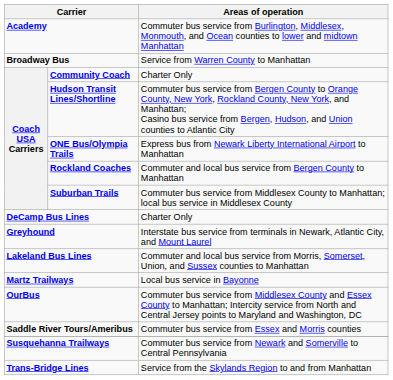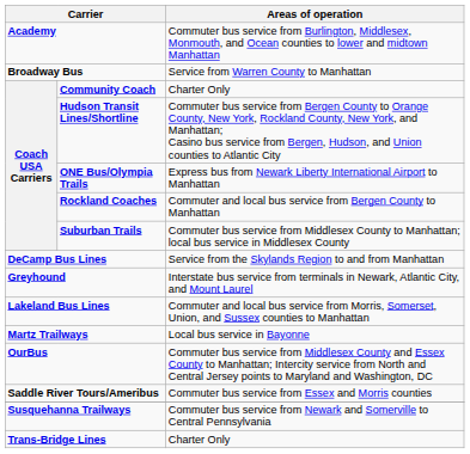 <table class="wikitable" style="font-size:90%">
 <tr valign=baseline>
 <th colspan=2>Carrier</th>
 <th>Areas of operation</th>
 </tr>
 <tr valign=top>
 <td colspan=2><strong><a href='#'>Academy</a></strong></td>
 <td>Commuter bus service from <a href='#'>Burlington</a>, <a href='#'>Middlesex</a>, <a href='#'>Monmouth</a>, and <a href='#'>Ocean</a> counties to <a href='#'>lower</a> and <a href='#'>midtown Manhattan</a></td>
 </tr>
 <tr valign=top>
 <td colspan=2><strong>Broadway Bus</strong></td>
 <td>Service from <a href='#'>Warren County</a> to Manhattan</td>
 </tr>
 <tr>
 <th rowspan=5><a href='#'>Coach USA</a><br>Carriers</th>
 <td><strong><a href='#'>Community Coach</a></strong></td>
 <td>Charter Only</td>
 </tr>
 <tr valign=top>
 <td><strong><a href='#'>Hudson Transit Lines/Shortline</a></strong></td>
 <td>Commuter bus service from <a href='#'>Bergen County</a> to <a href='#'>Orange County, New York</a>, <a href='#'>Rockland County, New York</a>, and Manhattan;<br>Casino bus service from <a href='#'>Bergen</a>, <a href='#'>Hudson</a>, and <a href='#'>Union</a> counties to Atlantic City</td>
 </tr>
 <tr valign=top>
 <td><strong><a href='#'>ONE Bus/Olympia Trails</a></strong></td>
 <td>Express bus from <a href='#'>Newark Liberty International Airport</a> to Manhattan</td>
 </tr>
 <tr valign=top>
 <td><strong><a href='#'>Rockland Coaches</a></strong></td>
 <td>Commuter and local bus service from <a href='#'>Bergen County</a> to Manhattan</td>
 </tr>
 <tr valign=top>
 <td><strong><a href='#'>Suburban Trails</a></strong></td>
 <td>Commuter bus service from Middlesex County to Manhattan; local bus service in Middlesex County</td>
 </tr>
 <tr valign=top>
 <td colspan=2><strong><a href='#'>DeCamp Bus Lines</a></strong></td>
-<td>Charter Only</td>
+<td>Service from the <a href='#'>Skylands Region</a> to and from Manhattan</td>
 </tr>
 <tr valign=top>
 <td colspan=2><strong><a href='#'>Greyhound</a></strong></td>
 <td>Interstate bus service from terminals in Newark, Atlantic City, and <a href='#'>Mount Laurel</a></td>
 </tr>
 <tr valign=top>
 <td colspan=2><strong><a href='#'>Lakeland Bus Lines</a></strong></td>
 <td>Commuter and local bus service from Morris, <a href='#'>Somerset</a>, Union, and <a href='#'>Sussex</a> counties to Manhattan</td>
 </tr>
 <tr valign=top>
 <td colspan=2><strong><a href='#'>Martz Trailways</a></strong></td>
 <td>Local bus service in <a href='#'>Bayonne</a></td>
 </tr>
 <tr valign=top>
 <td colspan=2><strong><a href='#'>OurBus</a></strong></td>
 <td>Commuter bus service from <a href='#'>Middlesex County</a> and <a href='#'>Essex County</a> to Manhattan; Intercity service from North and Central Jersey points to Maryland and Washington, DC</td>
 </tr>
 <tr valign=top>
 <td colspan=2><strong>Saddle River Tours/Ameribus</strong></td>
 <td>Commuter bus service from <a href='#'>Essex</a> and <a href='#'>Morris</a> counties</td>
 </tr>
 <tr>
 </tr>
 <tr valign=top>
 <td colspan=2><strong><a href='#'>Susquehanna Trailways</a></strong></td>
 <td>Commuter bus service from <a href='#'>Newark</a> and <a href='#'>Somerville</a> to Central Pennsylvania</td>
 </tr>
 <tr valign=top>
 <td colspan=2><strong><a href='#'>Trans-Bridge Lines</a></strong></td>
-<td>Service from the <a href='#'>Skylands Region</a> to and from Manhattan</td>
+<td>Charter Only</td>
 </tr>
 </table>
